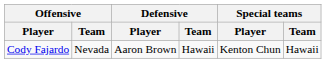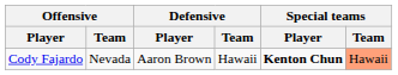 <table class="wikitable">
 <tr>
 <th colspan="2">Offensive</th>
 <th colspan="2">Defensive</th>
 <th colspan="2">Special teams</th>
 </tr>
 <tr>
 <th>Player</th>
 <th>Team</th>
 <th>Player</th>
 <th>Team</th>
 <th>Player</th>
 <th>Team</th>
 </tr>
 <tr>
 <td><a href='#'>Cody Fajardo</a></td>
 <td>Nevada</td>
 <td>Aaron Brown</td>
 <td>Hawaii</td>
-<td>Kenton Chun</td>
-<td>Hawaii</td>
+<td><strong>Kenton Chun</strong></td>
+<td style="background: lightsalmon;">Hawaii</td>
 </tr>
 </table>
